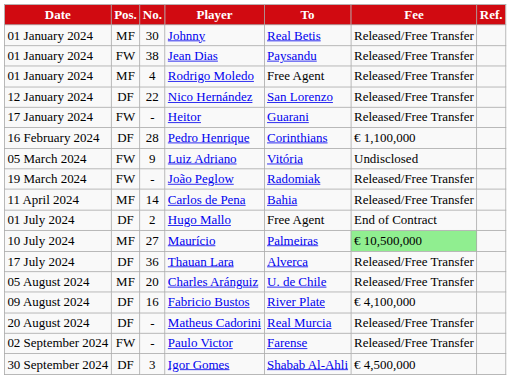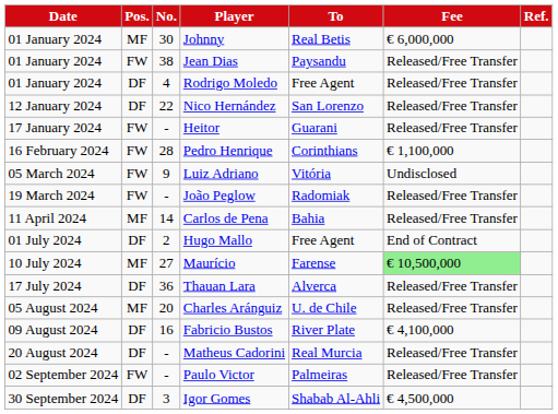 <table class="wikitable plainrowheaders sortable">
 <tr>
 <th style="background:#D10A11; color:#ffffff; ">Date</th>
 <th style="background:#D10A11; color:#ffffff; ">Pos.</th>
 <th style="background:#D10A11; color:#ffffff; ">No.</th>
 <th style="background:#D10A11; color:#ffffff; ">Player</th>
 <th style="background:#D10A11; color:#ffffff; ">To</th>
 <th style="background:#D10A11; color:#ffffff; ">Fee</th>
 <th style="background:#D10A11; color:#ffffff; ">Ref.</th>
 </tr>
 <tr>
 <td>01 January 2024</td>
 <td style="text-align:center;">MF</td>
 <td style="text-align:center;">30</td>
 <td> <a href='#'>Johnny</a></td>
 <td> <a href='#'>Real Betis</a></td>
-<td>Released/Free Transfer</td>
+<td>€ 6,000,000</td>
 <td></td>
 </tr>
 <tr>
 <td>01 January 2024</td>
 <td style="text-align:center;">FW</td>
 <td style="text-align:center;">38</td>
 <td> <a href='#'>Jean Dias</a></td>
 <td> <a href='#'>Paysandu</a></td>
 <td>Released/Free Transfer</td>
 <td></td>
 </tr>
 <tr>
 <td>01 January 2024</td>
-<td style="text-align:center;">MF</td>
+<td style="text-align:center;">DF</td>
 <td style="text-align:center;">4</td>
 <td style="text-align:left;"> <a href='#'>Rodrigo Moledo</a></td>
 <td style="text-align:left;">Free Agent</td>
 <td>Released/Free Transfer</td>
 <td></td>
 </tr>
 <tr>
 <td>12 January 2024</td>
 <td style="text-align:center;">DF</td>
 <td style="text-align:center;">22</td>
 <td> <a href='#'>Nico Hernández</a></td>
 <td> <a href='#'>San Lorenzo</a></td>
 <td>Released/Free Transfer</td>
 <td></td>
 </tr>
 <tr>
 <td>17 January 2024</td>
 <td style="text-align:center;">FW</td>
 <td style="text-align:center;">-</td>
 <td> <a href='#'>Heitor</a></td>
 <td> <a href='#'>Guarani</a></td>
 <td>Released/Free Transfer</td>
 <td></td>
 </tr>
 <tr>
 <td>16 February 2024</td>
-<td style="text-align:center;">DF</td>
+<td style="text-align:center;">FW</td>
 <td style="text-align:center;">28</td>
 <td> <a href='#'>Pedro Henrique</a></td>
 <td> <a href='#'>Corinthians</a></td>
 <td>€ 1,100,000</td>
 <td></td>
 </tr>
 <tr>
 <td>05 March 2024</td>
 <td style="text-align:center;">FW</td>
 <td style="text-align:center;">9</td>
 <td> <a href='#'>Luiz Adriano</a></td>
 <td> <a href='#'>Vitória</a></td>
 <td>Undisclosed</td>
 <td></td>
 </tr>
 <tr>
 <td>19 March 2024</td>
 <td style="text-align:center;">FW</td>
 <td style="text-align:center;">-</td>
 <td style="text-align:left;"> <a href='#'>João Peglow</a></td>
 <td style="text-align:left;"> <a href='#'>Radomiak</a></td>
 <td>Released/Free Transfer</td>
 <td></td>
 </tr>
 <tr>
 <td>11 April 2024</td>
 <td style="text-align:center;">MF</td>
 <td style="text-align:center;">14</td>
 <td> <a href='#'>Carlos de Pena</a></td>
 <td> <a href='#'>Bahia</a></td>
 <td>Released/Free Transfer</td>
 <td></td>
 </tr>
 <tr>
 <td>01 July 2024</td>
 <td style="text-align:center;">DF</td>
 <td style="text-align:center;">2</td>
 <td> <a href='#'>Hugo Mallo</a></td>
 <td>Free Agent</td>
 <td>End of Contract</td>
 <td></td>
 </tr>
 <tr>
 <td>10 July 2024</td>
 <td style="text-align:center;">MF</td>
 <td style="text-align:center;">27</td>
 <td> <a href='#'>Maurício</a></td>
-<td> <a href='#'>Palmeiras</a></td>
+<td> <a href='#'>Farense</a></td>
 <td style="background: lightgreen;">€ 10,500,000</td>
 <td></td>
 </tr>
 <tr>
 <td>17 July 2024</td>
 <td style="text-align:center;">DF</td>
 <td style="text-align:center;">36</td>
 <td> <a href='#'>Thauan Lara</a></td>
 <td> <a href='#'>Alverca</a></td>
 <td>Released/Free Transfer</td>
 <td></td>
 </tr>
 <tr>
 <td>05 August 2024</td>
 <td style="text-align:center;">MF</td>
 <td style="text-align:center;">20</td>
 <td> <a href='#'>Charles Aránguiz</a></td>
 <td> <a href='#'>U. de Chile</a></td>
 <td>Released/Free Transfer</td>
 <td></td>
 </tr>
 <tr>
 <td>09 August 2024</td>
 <td style="text-align:center;">DF</td>
 <td style="text-align:center;">16</td>
 <td> <a href='#'>Fabricio Bustos</a></td>
 <td> <a href='#'>River Plate</a></td>
 <td>€ 4,100,000</td>
 <td></td>
 </tr>
 <tr>
 <td>20 August 2024</td>
 <td style="text-align:center;">DF</td>
 <td style="text-align:center;">-</td>
 <td> <a href='#'>Matheus Cadorini</a></td>
 <td> <a href='#'>Real Murcia</a></td>
 <td>Released/Free Transfer</td>
 <td></td>
 </tr>
 <tr>
 <td>02 September 2024</td>
 <td style="text-align:center;">FW</td>
 <td style="text-align:center;">-</td>
 <td> <a href='#'>Paulo Victor</a></td>
-<td> <a href='#'>Farense</a></td>
+<td> <a href='#'>Palmeiras</a></td>
 <td>Released/Free Transfer</td>
 <td></td>
 </tr>
 <tr>
 <td>30 September 2024</td>
 <td style="text-align:center;">DF</td>
 <td style="text-align:center;">3</td>
 <td> <a href='#'>Igor Gomes</a></td>
 <td> <a href='#'>Shabab Al-Ahli</a></td>
 <td>€ 4,500,000</td>
 <td></td>
 </tr>
 </table>
